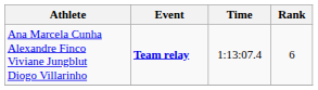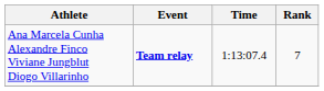 <table class="wikitable" style="text-align:center; font-size:90%; width:30%;">
 <tr>
 <th>Athlete</th>
 <th>Event</th>
 <th>Time</th>
 <th>Rank</th>
 </tr>
 <tr>
 <td align=left><a href='#'>Ana Marcela Cunha</a> <br> <a href='#'>Alexandre Finco</a> <br> <a href='#'>Viviane Jungblut</a> <br> <a href='#'>Diogo Villarinho</a></td>
 <td align=left><strong><a href='#'>Team relay</a></strong></td>
 <td>1:13:07.4</td>
-<td>6</td>
+<td>7</td>
 </tr>
 <tr>
 </tr>
 </table>
